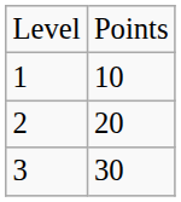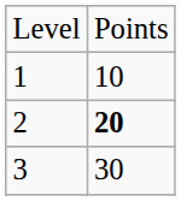 <table class="wikitable">
 <tr>
 <td>Level</td>
 <td>Points</td>
 </tr>
 <tr>
 <td>1</td>
 <td>10</td>
 </tr>
 <tr>
 <td>2</td>
-<td>20</td>
+<td><strong>20</strong></td>
 </tr>
 <tr>
 <td>3</td>
 <td>30</td>
 </tr>
 </table>
